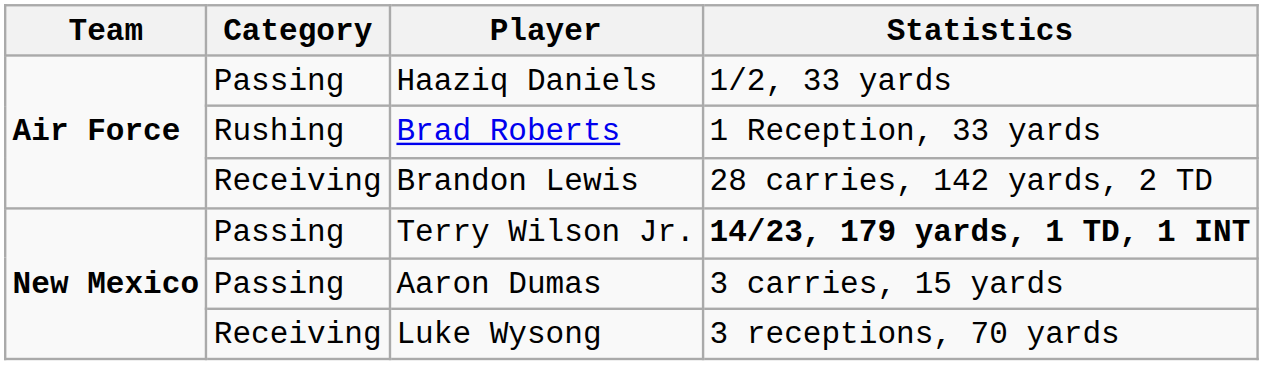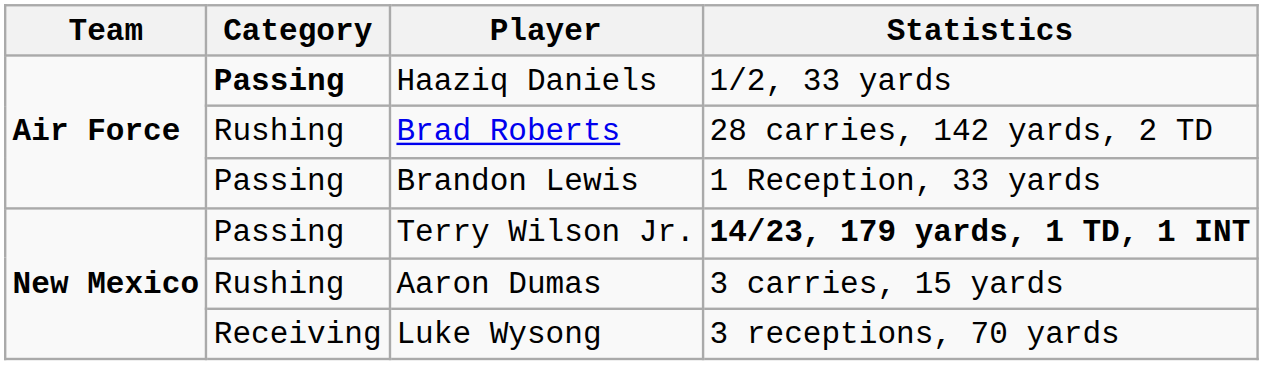 <table class="wikitable" style="float: left;">
 <tr>
 <th>Team</th>
 <th>Category</th>
 <th>Player</th>
 <th>Statistics</th>
 </tr>
 <tr>
 <td rowspan=3><strong>Air Force</strong></td>
-<td>Passing</td>
+<td><strong>Passing</strong></td>
 <td>Haaziq Daniels</td>
 <td>1/2, 33 yards</td>
 </tr>
 <tr>
 <td>Rushing</td>
 <td><a href='#'>Brad Roberts</a></td>
-<td>1 Reception, 33 yards</td>
+<td>28 carries, 142 yards, 2 TD</td>
 </tr>
 <tr>
-<td>Receiving</td>
+<td>Passing</td>
 <td>Brandon Lewis</td>
-<td>28 carries, 142 yards, 2 TD</td>
+<td>1 Reception, 33 yards</td>
 </tr>
 <tr>
 <td rowspan=3><strong>New Mexico</strong></td>
 <td>Passing</td>
 <td>Terry Wilson Jr.</td>
 <td><strong>14/23, 179 yards, 1 TD, 1 INT</strong></td>
 </tr>
 <tr>
-<td>Passing</td>
+<td>Rushing</td>
 <td>Aaron Dumas</td>
 <td>3 carries, 15 yards</td>
 </tr>
 <tr>
 <td>Receiving</td>
 <td>Luke Wysong</td>
 <td>3 receptions, 70 yards</td>
 </tr>
 </table>
